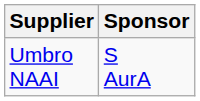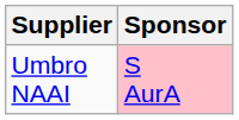 <table class="wikitable">
 <tr>
 <th>Supplier</th>
 <th>Sponsor</th>
 </tr>
 <tr>
 <td> <a href='#'>Umbro</a><br> <a href='#'>NAAI</a></td>
-<td> <a href='#'>S</a><br> <a href='#'>AurA</a></td>
+<td style="background: pink;"> <a href='#'>S</a><br> <a href='#'>AurA</a></td>
 </tr>
 </table>
